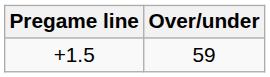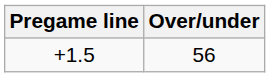 <table class="wikitable" style="margin-left: auto; margin-right: auto; border: none; display: inline-table;">
 <tr align="center">
 <th style=>Pregame line</th>
 <th style=>Over/under</th>
 </tr>
 <tr align="center">
 <td>+1.5</td>
-<td>59</td>
+<td>56</td>
 </tr>
 </table>
